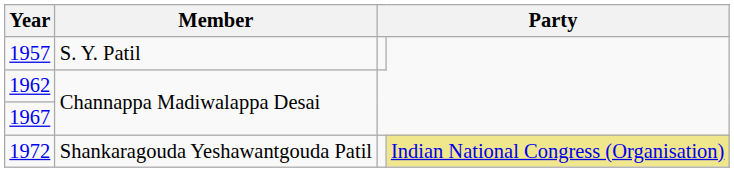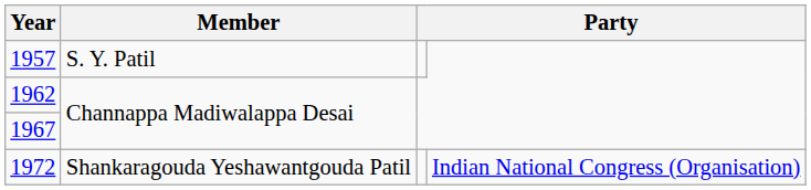 <table class="wikitable sortable">
 <tr>
 <th>Year</th>
 <th>Member</th>
 <th colspan=2>Party</th>
 </tr>
 <tr>
 <td><a href='#'>1957</a></td>
 <td>S. Y. Patil</td>
 <td></td>
 </tr>
 <tr>
 <td><a href='#'>1962</a></td>
 <td rowspan="2">Channappa Madiwalappa Desai</td>
 </tr>
 <tr>
 <td><a href='#'>1967</a></td>
 </tr>
 <tr>
 <td><a href='#'>1972</a></td>
 <td>Shankaragouda Yeshawantgouda Patil</td>
 <td bgcolor=></td>
-<td style="background: khaki;"><a href='#'>Indian National Congress (Organisation)</a></td>
+<td><a href='#'>Indian National Congress (Organisation)</a></td>
 </tr>
 </table>
